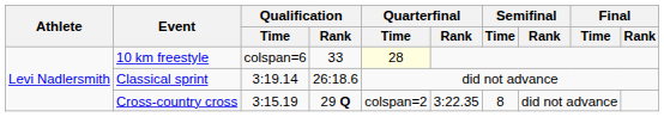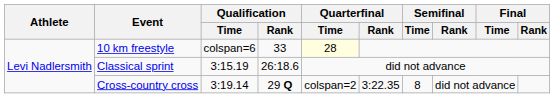 <table class="wikitable" style="font-size:90%">
 <tr>
 <th rowspan="2">Athlete</th>
 <th rowspan="2">Event</th>
 <th colspan="2">Qualification</th>
 <th colspan="2">Quarterfinal</th>
 <th colspan="2">Semifinal</th>
 <th colspan="2">Final</th>
 </tr>
 <tr style="font-size:95%">
 <th>Time</th>
 <th>Rank</th>
 <th>Time</th>
 <th>Rank</th>
 <th>Time</th>
 <th>Rank</th>
 <th>Time</th>
 <th>Rank</th>
 </tr>
 <tr align=center>
 <td align=left rowspan=3><a href='#'>Levi Nadlersmith</a></td>
 <td align=left><a href='#'>10 km freestyle</a></td>
 <td>colspan=6 </td>
 <td>33</td>
 <td style="background: lightyellow;">28</td>
 </tr>
 <tr align=center>
 <td align=left><a href='#'>Classical sprint</a></td>
-<td>3:19.14</td>
+<td>3:15.19</td>
 <td>26:18.6</td>
 <td colspan=6>did not advance</td>
 </tr>
 <tr align=center>
 <td align=left><a href='#'>Cross-country cross</a></td>
-<td>3:15.19</td>
+<td>3:19.14</td>
 <td>29 <strong>Q</strong></td>
 <td>colspan=2 </td>
 <td>3:22.35</td>
 <td>8</td>
 <td colspan=2>did not advance</td>
 </tr>
 </table>
